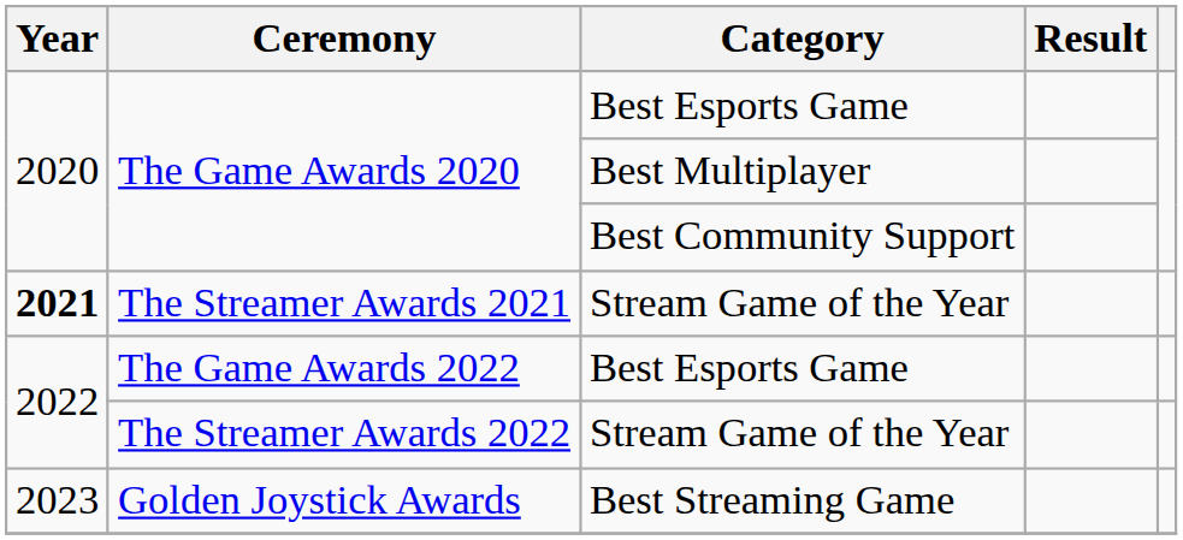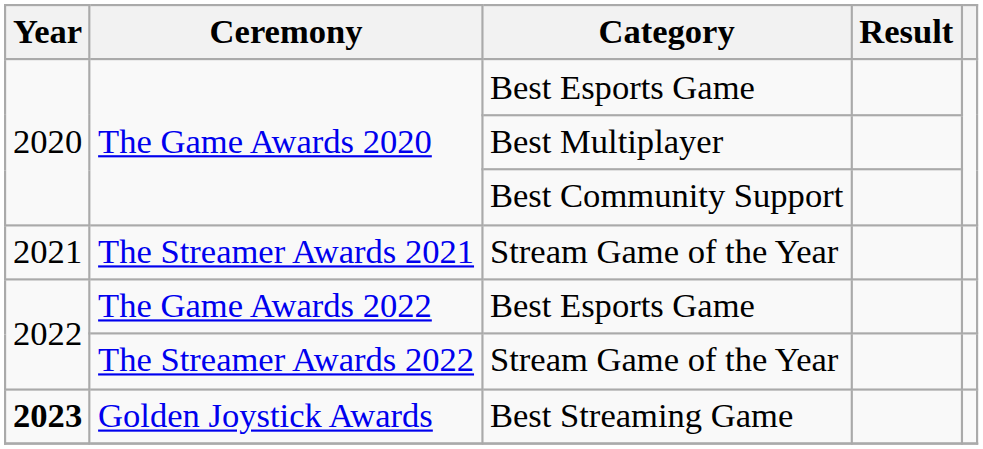 <table class="wikitable sortable" width="auto">
 <tr>
 <th>Year</th>
 <th>Ceremony</th>
 <th>Category</th>
 <th>Result</th>
 <th></th>
 </tr>
 <tr>
 <td rowspan="3">2020</td>
 <td rowspan="3"><a href='#'>The Game Awards 2020</a></td>
 <td>Best Esports Game</td>
 <td></td>
 <td rowspan="3" style="text-align:center;"></td>
 </tr>
 <tr>
 <td>Best Multiplayer</td>
 <td></td>
 </tr>
 <tr>
 <td>Best Community Support</td>
 <td></td>
 </tr>
 <tr>
-<td><strong>2021</strong></td>
+<td>2021</td>
 <td><a href='#'>The Streamer Awards 2021</a></td>
 <td>Stream Game of the Year</td>
 <td></td>
 <td style="text-align:center;"></td>
 </tr>
 <tr>
 <td rowspan="2">2022</td>
 <td><a href='#'>The Game Awards 2022</a></td>
 <td>Best Esports Game</td>
 <td></td>
 <td style="text-align:center;"></td>
 </tr>
 <tr>
 <td><a href='#'>The Streamer Awards 2022</a></td>
 <td>Stream Game of the Year</td>
 <td></td>
 <td style="text-align:center;"></td>
 </tr>
 <tr>
-<td>2023</td>
+<td><strong>2023</strong></td>
 <td><a href='#'>Golden Joystick Awards</a></td>
 <td>Best Streaming Game</td>
 <td></td>
 <td style="text-align:center;"></td>
 </tr>
 <tr>
 </tr>
 </table>
